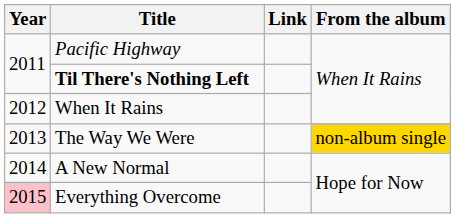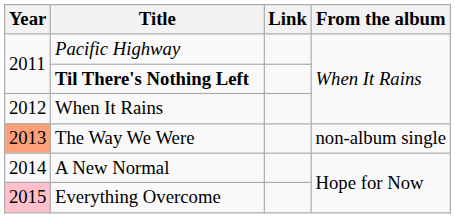 <table class="wikitable">
 <tr>
 <th>Year</th>
 <th style="width:175px;">Title</th>
 <th>Link</th>
 <th>From the album</th>
 </tr>
 <tr>
 <td rowspan="2">2011</td>
 <td><em>Pacific Highway</em></td>
 <td></td>
 <td rowspan="3"><em>When It Rains</em></td>
 </tr>
 <tr>
 <td><strong>Til There's Nothing Left<em></td>
 <td></td>
 </tr>
 <tr>
 <td>2012</td>
 <td></em>When It Rains<em></td>
 <td></td>
 </tr>
 <tr>
-<td>2013</td>
+<td style="background: lightsalmon;">2013</td>
 <td></em>The Way We Were<em></td>
 <td></td>
-<td style="background: gold;">non-album single</td>
+<td>non-album single</td>
 </tr>
 <tr>
 <td>2014</td>
 <td></em>A New Normal<em></td>
 <td></td>
 <td rowspan="2"></em>Hope for Now<em></td>
 </tr>
 <tr>
 <td style="background: pink;">2015</td>
 <td></em>Everything Overcome<em></td>
 <td></td>
 </tr>
 </table>
